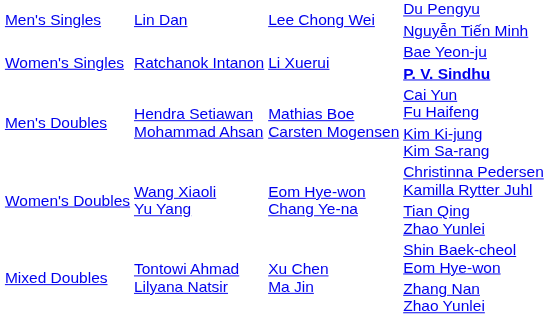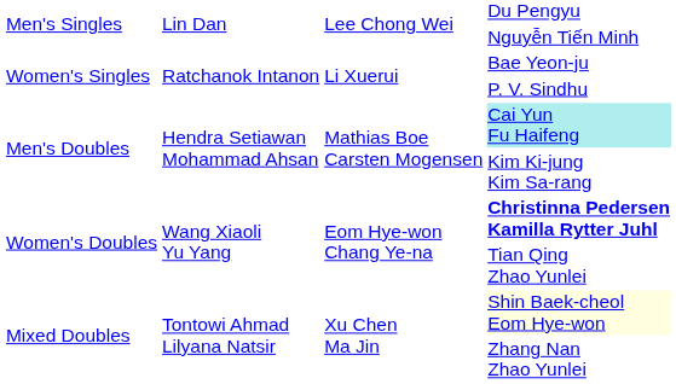 <table>
 <tr>
 <td rowspan=2><a href='#'>Men's Singles</a></td>
 <td rowspan=2> <a href='#'>Lin Dan</a></td>
 <td rowspan=2> <a href='#'>Lee Chong Wei</a></td>
 <td> <a href='#'>Du Pengyu</a><br></td>
 </tr>
 <tr>
 <td> <a href='#'>Nguyễn Tiến Minh</a><br></td>
 </tr>
 <tr>
 <td rowspan=2><a href='#'>Women's Singles</a></td>
 <td rowspan=2> <a href='#'>Ratchanok Intanon</a></td>
 <td rowspan=2> <a href='#'>Li Xuerui</a></td>
 <td> <a href='#'>Bae Yeon-ju</a><br></td>
 </tr>
 <tr>
-<td><strong> <a href='#'>P. V. Sindhu</a><br></strong></td>
+<td> <a href='#'>P. V. Sindhu</a><br></td>
 </tr>
 <tr>
 <td rowspan=2><a href='#'>Men's Doubles</a></td>
 <td rowspan=2> <a href='#'>Hendra Setiawan</a><br> <a href='#'>Mohammad Ahsan</a></td>
 <td rowspan=2> <a href='#'>Mathias Boe</a><br> <a href='#'>Carsten Mogensen</a></td>
-<td> <a href='#'>Cai Yun</a><br> <a href='#'>Fu Haifeng</a></td>
+<td style="background: paleturquoise;"> <a href='#'>Cai Yun</a><br> <a href='#'>Fu Haifeng</a></td>
 </tr>
 <tr>
 <td> <a href='#'>Kim Ki-jung</a><br> <a href='#'>Kim Sa-rang</a></td>
 </tr>
 <tr>
 <td rowspan=2><a href='#'>Women's Doubles</a></td>
 <td rowspan=2> <a href='#'>Wang Xiaoli</a><br> <a href='#'>Yu Yang</a></td>
 <td rowspan=2> <a href='#'>Eom Hye-won</a><br> <a href='#'>Chang Ye-na</a></td>
-<td> <a href='#'>Christinna Pedersen</a><br> <a href='#'>Kamilla Rytter Juhl</a></td>
+<td><strong> <a href='#'>Christinna Pedersen</a><br> <a href='#'>Kamilla Rytter Juhl</a></strong></td>
 </tr>
 <tr>
 <td> <a href='#'>Tian Qing</a><br> <a href='#'>Zhao Yunlei</a></td>
 </tr>
 <tr>
 <td rowspan=2><a href='#'>Mixed Doubles</a></td>
 <td rowspan=2> <a href='#'>Tontowi Ahmad</a><br> <a href='#'>Lilyana Natsir</a></td>
 <td rowspan=2> <a href='#'>Xu Chen</a><br> <a href='#'>Ma Jin</a></td>
-<td> <a href='#'>Shin Baek-cheol</a><br> <a href='#'>Eom Hye-won</a></td>
+<td style="background: lightyellow;"> <a href='#'>Shin Baek-cheol</a><br> <a href='#'>Eom Hye-won</a></td>
 </tr>
 <tr>
 <td> <a href='#'>Zhang Nan</a><br> <a href='#'>Zhao Yunlei</a></td>
 </tr>
 </table>
